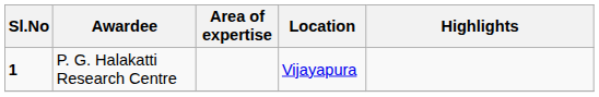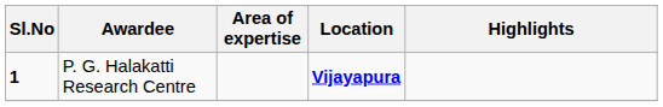 <table class="wikitable sortable"  width=95%>
 <tr>
 <th width=6%>Sl.No</th>
 <th width=25%>Awardee</th>
 <th width=14%>Area of expertise</th>
 <th width=15%>Location</th>
 <th width=40%>Highlights</th>
 </tr>
 <tr>
 <td><strong>1</strong></td>
 <td>P. G. Halakatti Research Centre</td>
 <td></td>
-<td><a href='#'>Vijayapura</a></td>
+<td><strong><a href='#'>Vijayapura</a></strong></td>
 <td></td>
 </tr>
 <tr>
 </tr>
 </table>
